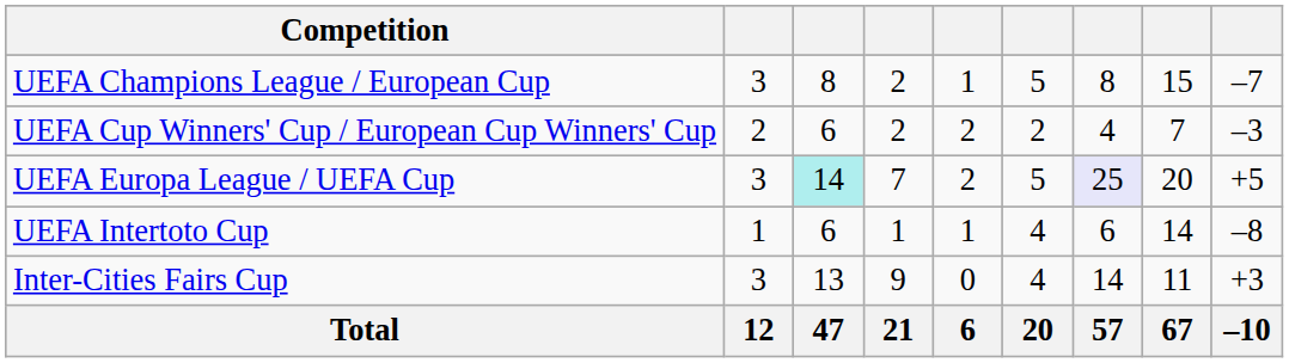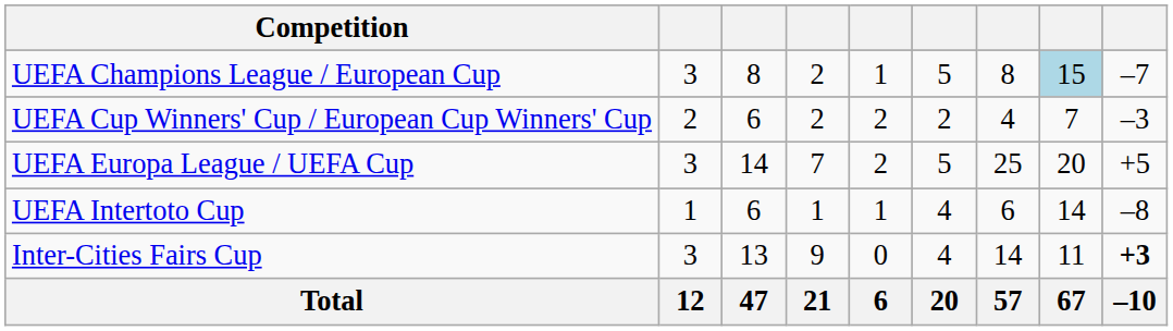 <table class="wikitable" style="text-align:center">
 <tr>
 <th>Competition</th>
 <th style="width:28px"></th>
 <th style="width:28px"></th>
 <th style="width:28px"></th>
 <th style="width:28px"></th>
 <th style="width:28px"></th>
 <th style="width:28px"></th>
 <th style="width:28px"></th>
 <th style="width:28px"></th>
 </tr>
 <tr>
 <td align=left><a href='#'>UEFA Champions League / European Cup</a></td>
 <td>3</td>
 <td>8</td>
 <td>2</td>
 <td>1</td>
 <td>5</td>
 <td>8</td>
-<td>15</td>
+<td style="background: lightblue;">15</td>
 <td>–7</td>
 </tr>
 <tr>
 <td align=left><a href='#'>UEFA Cup Winners' Cup / European Cup Winners' Cup</a></td>
 <td>2</td>
 <td>6</td>
 <td>2</td>
 <td>2</td>
 <td>2</td>
 <td>4</td>
 <td>7</td>
 <td>–3</td>
 </tr>
 <tr>
 <td align=left><a href='#'>UEFA Europa League / UEFA Cup</a></td>
 <td>3</td>
-<td style="background: paleturquoise;">14</td>
+<td>14</td>
 <td>7</td>
 <td>2</td>
 <td>5</td>
-<td style="background: lavender;">25</td>
+<td>25</td>
 <td>20</td>
 <td>+5</td>
 </tr>
 <tr>
 <td align=left><a href='#'>UEFA Intertoto Cup</a></td>
 <td>1</td>
 <td>6</td>
 <td>1</td>
 <td>1</td>
 <td>4</td>
 <td>6</td>
 <td>14</td>
 <td>–8</td>
 </tr>
 <tr>
 <td align=left><a href='#'>Inter-Cities Fairs Cup</a></td>
 <td>3</td>
 <td>13</td>
 <td>9</td>
 <td>0</td>
 <td>4</td>
 <td>14</td>
 <td>11</td>
-<td>+3</td>
+<td><strong>+3</strong></td>
 </tr>
 <tr>
 <th>Total</th>
 <th>12</th>
 <th>47</th>
 <th>21</th>
 <th>6</th>
 <th>20</th>
 <th>57</th>
 <th>67</th>
 <th>–10</th>
 </tr>
 </table>
